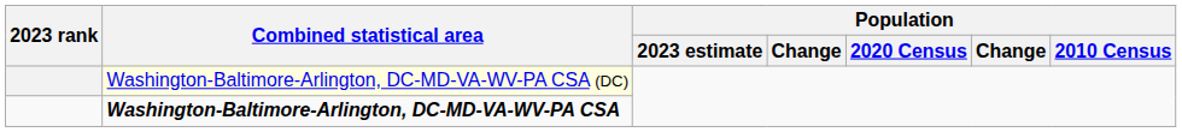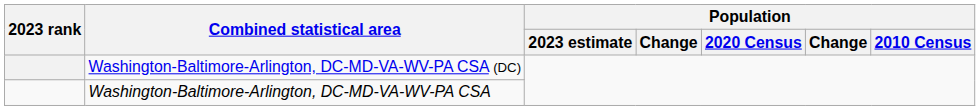 <table class="wikitable sortable">
 <tr>
 <th scope=col rowspan=2>2023 rank</th>
 <th scope=col rowspan=2><a href='#'>Combined statistical area</a></th>
 <th colspan=5>Population</th>
 </tr>
 <tr>
 <th scope=col>2023 estimate</th>
 <th scope=col>Change</th>
 <th scope=col><a href='#'>2020 Census</a></th>
 <th scope=col>Change</th>
 <th scope=col><a href='#'>2010 Census</a></th>
 </tr>
 <tr>
 <th scope=row></th>
-<td style="background: lightyellow;"><a href='#'>Washington-Baltimore-Arlington, DC-MD-VA-WV-PA CSA</a> <small>(DC)</small><br></td>
+<td><a href='#'>Washington-Baltimore-Arlington, DC-MD-VA-WV-PA CSA</a> <small>(DC)</small><br></td>
 </tr>
 <tr>
 <td></td>
-<td><strong><em><span>Washington-Baltimore-Arlington, DC-MD-VA-WV-PA CSA</span></em><br></strong></td>
+<td><em><span>Washington-Baltimore-Arlington, DC-MD-VA-WV-PA CSA</span></em><br></td>
 </tr>
 </table>
